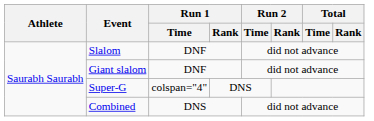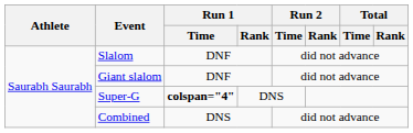 <table class="wikitable" style="font-size:90%">
 <tr>
 <th rowspan=2>Athlete</th>
 <th rowspan=2>Event</th>
 <th colspan=2>Run 1</th>
 <th colspan=2>Run 2</th>
 <th colspan=2>Total</th>
 </tr>
 <tr style="font-size:100%">
 <th>Time</th>
 <th>Rank</th>
 <th>Time</th>
 <th>Rank</th>
 <th>Time</th>
 <th>Rank</th>
 </tr>
 <tr align=center>
 <td align="left" rowspan="4"><a href='#'>Saurabh Saurabh</a></td>
 <td align="left"><a href='#'>Slalom</a></td>
 <td colspan=2>DNF</td>
 <td colspan=4>did not advance</td>
 </tr>
 <tr align=center>
 <td align="left"><a href='#'>Giant slalom</a></td>
 <td colspan=2>DNF</td>
 <td colspan=4>did not advance</td>
 </tr>
 <tr align=center>
 <td align="left"><a href='#'>Super-G</a></td>
-<td>colspan="4" </td>
+<td><strong>colspan="4" </strong></td>
 <td colspan=2>DNS</td>
 </tr>
 <tr align=center>
 <td align="left"><a href='#'>Combined</a></td>
 <td colspan=2>DNS</td>
 <td colspan=4>did not advance</td>
 </tr>
 </table>
